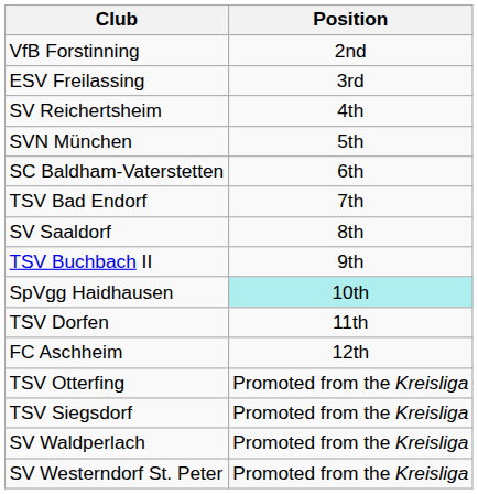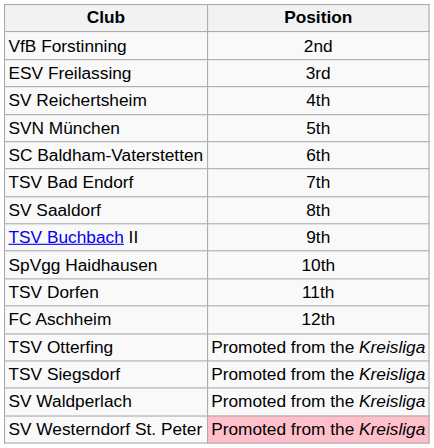 <table class="wikitable sortable" style="text-align:center">
 <tr>
 <th>Club</th>
 <th>Position</th>
 </tr>
 <tr>
 <td style="text-align:left;">VfB Forstinning</td>
 <td>2nd</td>
 </tr>
 <tr>
 <td style="text-align:left;">ESV Freilassing</td>
 <td>3rd</td>
 </tr>
 <tr>
 <td style="text-align:left;">SV Reichertsheim</td>
 <td>4th</td>
 </tr>
 <tr>
 <td style="text-align:left;">SVN München</td>
 <td>5th</td>
 </tr>
 <tr>
 <td style="text-align:left;">SC Baldham-Vaterstetten</td>
 <td>6th</td>
 </tr>
 <tr>
 <td style="text-align:left;">TSV Bad Endorf</td>
 <td>7th</td>
 </tr>
 <tr>
 <td style="text-align:left;">SV Saaldorf</td>
 <td>8th</td>
 </tr>
 <tr>
 <td style="text-align:left;"><a href='#'>TSV Buchbach</a> II</td>
 <td>9th</td>
 </tr>
 <tr>
 <td style="text-align:left;">SpVgg Haidhausen</td>
-<td style="background: paleturquoise;">10th</td>
+<td>10th</td>
 </tr>
 <tr>
 <td style="text-align:left;">TSV Dorfen</td>
 <td>11th</td>
 </tr>
 <tr>
 <td style="text-align:left;">FC Aschheim</td>
 <td>12th</td>
 </tr>
 <tr>
 <td style="text-align:left;">TSV Otterfing</td>
 <td>Promoted from the <em>Kreisliga</em></td>
 </tr>
 <tr>
 <td style="text-align:left;">TSV Siegsdorf</td>
 <td>Promoted from the <em>Kreisliga</em></td>
 </tr>
 <tr>
 <td style="text-align:left;">SV Waldperlach</td>
 <td>Promoted from the <em>Kreisliga</em></td>
 </tr>
 <tr>
 <td style="text-align:left;">SV Westerndorf St. Peter</td>
-<td>Promoted from the <em>Kreisliga</em></td>
+<td style="background: pink;">Promoted from the <em>Kreisliga</em></td>
 </tr>
 </table>
